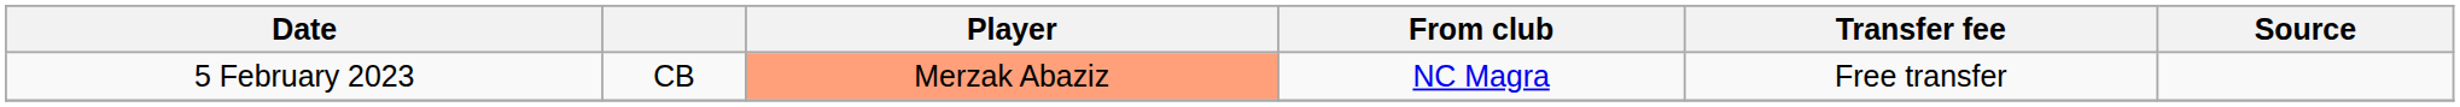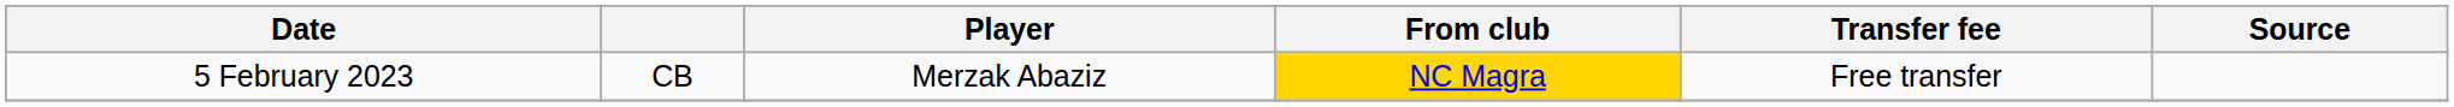 <table class="wikitable sortable" style="width:70%; text-align:center; font-size:85%; text-align:centre;">
 <tr>
 <th>Date</th>
 <th></th>
 <th>Player</th>
 <th>From club</th>
 <th>Transfer fee</th>
 <th>Source</th>
 </tr>
 <tr>
 <td>5 February 2023</td>
 <td>CB</td>
-<td style="background: lightsalmon;"> Merzak Abaziz</td>
-<td><a href='#'>NC Magra</a></td>
+<td> Merzak Abaziz</td>
+<td style="background: gold;"><a href='#'>NC Magra</a></td>
 <td>Free transfer</td>
 <td></td>
 </tr>
 <tr>
 </tr>
 </table>
